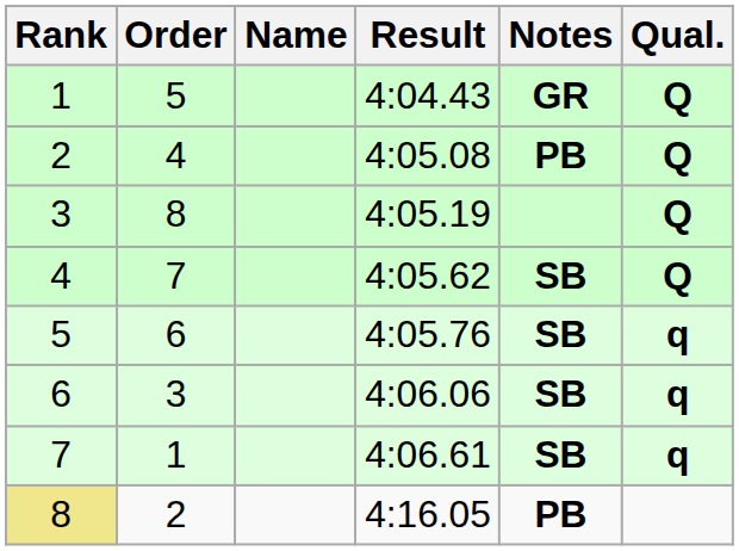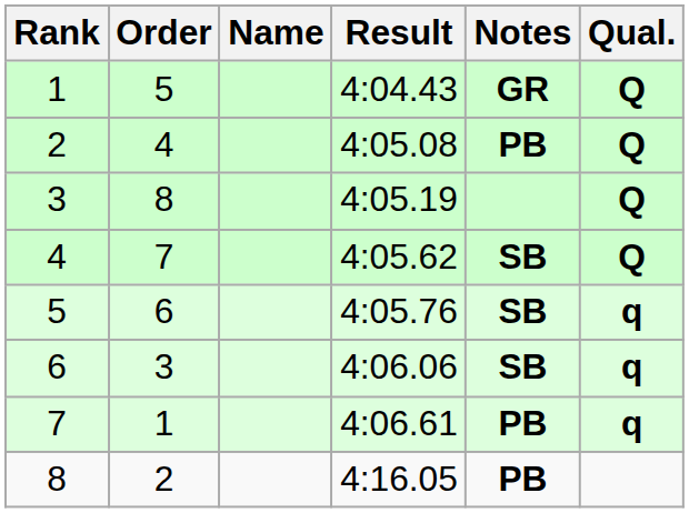 <table class="wikitable sortable" style="text-align:center">
 <tr>
 <th>Rank</th>
 <th>Order</th>
 <th>Name</th>
 <th>Result</th>
 <th>Notes</th>
 <th>Qual.</th>
 </tr>
 <tr style="background:#cfc;">
 <td>1</td>
 <td>5</td>
 <td align="left"></td>
 <td>4:04.43</td>
 <td><strong>GR</strong></td>
 <td><strong>Q</strong></td>
 </tr>
 <tr style="background:#cfc;">
 <td>2</td>
 <td>4</td>
 <td align="left"></td>
 <td>4:05.08</td>
 <td><strong>PB</strong></td>
 <td><strong>Q</strong></td>
 </tr>
 <tr style="background:#cfc;">
 <td>3</td>
 <td>8</td>
 <td align="left"></td>
 <td>4:05.19</td>
 <td></td>
 <td><strong>Q</strong></td>
 </tr>
 <tr style="background:#cfc;">
 <td>4</td>
 <td>7</td>
 <td align="left"></td>
 <td>4:05.62</td>
 <td><strong>SB</strong></td>
 <td><strong>Q</strong></td>
 </tr>
 <tr style="background:#dfd;">
 <td>5</td>
 <td>6</td>
 <td align="left"></td>
 <td>4:05.76</td>
 <td><strong>SB</strong></td>
 <td><strong>q</strong></td>
 </tr>
 <tr style="background:#dfd;">
 <td>6</td>
 <td>3</td>
 <td align="left"></td>
 <td>4:06.06</td>
 <td><strong>SB</strong></td>
 <td><strong>q</strong></td>
 </tr>
 <tr style="background:#dfd;">
 <td>7</td>
 <td>1</td>
 <td align="left"></td>
 <td>4:06.61</td>
-<td><strong>SB</strong></td>
+<td><strong>PB</strong></td>
 <td><strong>q</strong></td>
 </tr>
 <tr>
-<td style="background: khaki;">8</td>
+<td>8</td>
 <td>2</td>
 <td align="left"></td>
 <td>4:16.05</td>
 <td><strong>PB</strong></td>
 <td></td>
 </tr>
 </table>
